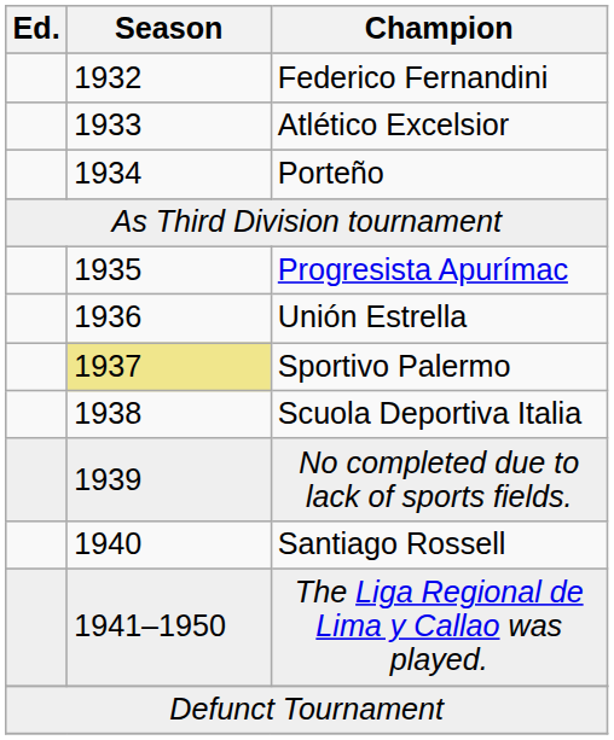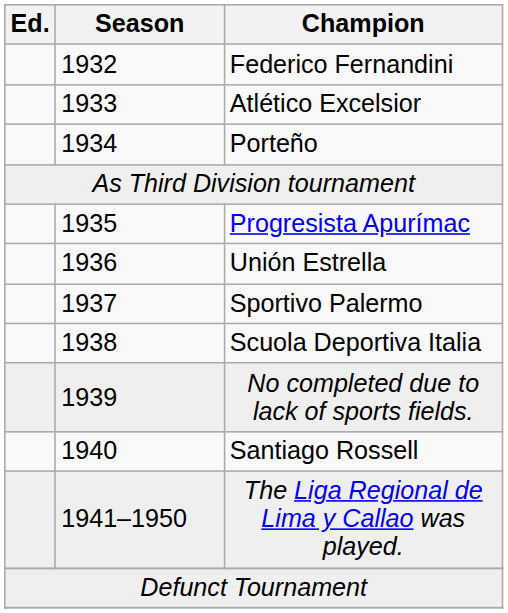 <table class="wikitable sortable">
 <tr>
 <th width=px>Ed.</th>
 <th width="100">Season</th>
 <th width="170">Champion</th>
 </tr>
 <tr>
 <td></td>
 <td>1932</td>
 <td>Federico Fernandini</td>
 </tr>
 <tr>
 <td></td>
 <td>1933</td>
 <td>Atlético Excelsior</td>
 </tr>
 <tr>
 <td></td>
 <td>1934</td>
 <td>Porteño</td>
 </tr>
 <tr bgcolor=#efefef>
 <td colspan="3" align=center><em>As Third Division tournament</em></td>
 </tr>
 <tr>
 <td></td>
 <td>1935</td>
 <td><a href='#'>Progresista Apurímac</a></td>
 </tr>
 <tr>
 <td></td>
 <td>1936</td>
 <td>Unión Estrella</td>
 </tr>
 <tr>
 <td></td>
-<td style="background: khaki;">1937</td>
+<td>1937</td>
 <td>Sportivo Palermo</td>
 </tr>
 <tr>
 <td></td>
 <td>1938</td>
 <td>Scuola Deportiva Italia</td>
 </tr>
 <tr bgcolor=#efefef>
 <td></td>
 <td>1939</td>
 <td colspan="2" align=center><em>No completed due to lack of sports fields.</em></td>
 </tr>
 <tr>
 <td></td>
 <td>1940</td>
 <td>Santiago Rossell</td>
 </tr>
 <tr bgcolor=#efefef>
 <td></td>
 <td>1941–1950</td>
 <td colspan="1" align=center><em>The <a href='#'>Liga Regional de Lima y Callao</a> was played.</em></td>
 </tr>
 <tr>
 </tr>
 <tr bgcolor=#efefef>
 <td colspan="3" style="text-align:center;"><em>Defunct Tournament</em></td>
 </tr>
 <tr>
 </tr>
 </table>
